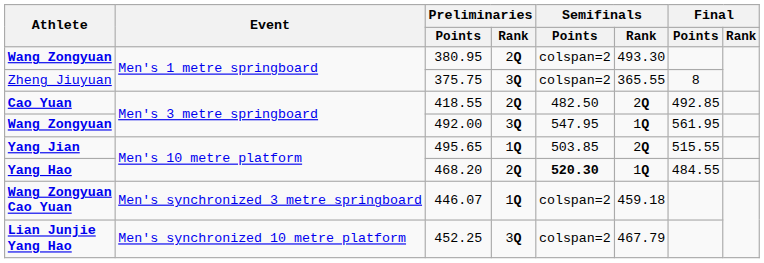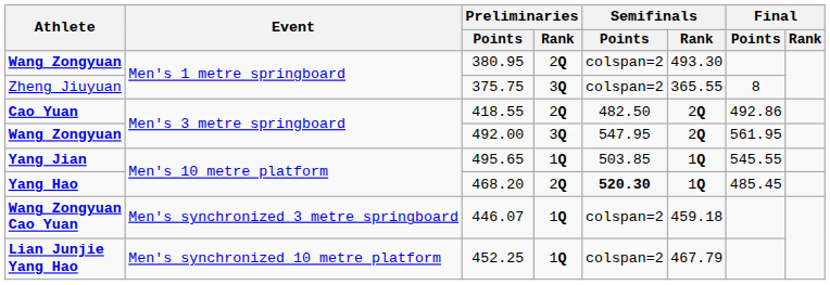 <table class=wikitable style="font-size:90%">
 <tr>
 <th rowspan="2">Athlete</th>
 <th rowspan="2">Event</th>
 <th colspan="2">Preliminaries</th>
 <th colspan="2">Semifinals</th>
 <th colspan="2">Final</th>
 </tr>
 <tr style="font-size:95%">
 <th>Points</th>
 <th>Rank</th>
 <th>Points</th>
 <th>Rank</th>
 <th>Points</th>
 <th>Rank</th>
 </tr>
 <tr align=center>
 <td align=left><strong><a href='#'>Wang Zongyuan</a></strong></td>
 <td align=left rowspan=2><a href='#'>Men's 1 metre springboard</a></td>
 <td>380.95</td>
 <td>2<strong>Q</strong></td>
 <td>colspan=2 </td>
 <td>493.30</td>
 <td></td>
 </tr>
 <tr align=center>
 <td align=left><a href='#'>Zheng Jiuyuan</a></td>
 <td>375.75</td>
 <td>3<strong>Q</strong></td>
 <td>colspan=2 </td>
 <td>365.55</td>
 <td>8</td>
 </tr>
 <tr align=center>
 <td align=left><strong><a href='#'>Cao Yuan</a></strong></td>
 <td align=left rowspan=2><a href='#'>Men's 3 metre springboard</a></td>
 <td>418.55</td>
 <td>2<strong>Q</strong></td>
 <td>482.50</td>
 <td>2<strong>Q</strong></td>
-<td>492.85</td>
+<td>492.86</td>
 <td></td>
 </tr>
 <tr align=center>
 <td align=left><strong><a href='#'>Wang Zongyuan</a></strong></td>
 <td>492.00</td>
 <td>3<strong>Q</strong></td>
 <td>547.95</td>
-<td>1<strong>Q</strong></td>
+<td>2<strong>Q</strong></td>
 <td>561.95</td>
 <td></td>
 </tr>
 <tr align=center>
 <td align=left><strong><a href='#'>Yang Jian</a></strong></td>
 <td align=left rowspan=2><a href='#'>Men's 10 metre platform</a></td>
 <td>495.65</td>
 <td>1<strong>Q</strong></td>
 <td>503.85</td>
-<td>2<strong>Q</strong></td>
-<td>515.55</td>
+<td>1<strong>Q</strong></td>
+<td>545.55</td>
 <td></td>
 </tr>
 <tr align=center>
 <td align=left><strong><a href='#'>Yang Hao</a></strong></td>
 <td>468.20</td>
 <td>2<strong>Q</strong></td>
 <td><strong>520.30</strong></td>
 <td>1<strong>Q</strong></td>
-<td>484.55</td>
+<td>485.45</td>
 <td></td>
 </tr>
 <tr align=center>
 <td align=left><strong><a href='#'>Wang Zongyuan</a><br><a href='#'>Cao Yuan</a></strong></td>
 <td align=left><a href='#'>Men's synchronized 3 metre springboard</a></td>
 <td>446.07</td>
 <td>1<strong>Q</strong></td>
 <td>colspan=2 </td>
 <td>459.18</td>
 <td></td>
 </tr>
 <tr align=center>
 <td align=left><strong><a href='#'>Lian Junjie</a><br><a href='#'>Yang Hao</a></strong></td>
 <td align=left><a href='#'>Men's synchronized 10 metre platform</a></td>
 <td>452.25</td>
-<td>3<strong>Q</strong></td>
+<td>1<strong>Q</strong></td>
 <td>colspan=2 </td>
 <td>467.79</td>
 <td></td>
 </tr>
 </table>
